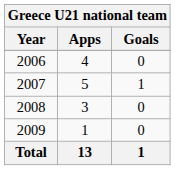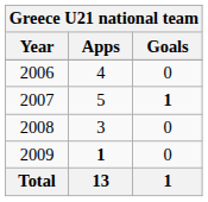 <table class="wikitable" style="text-align:center">
 <tr>
 <th colspan=3>Greece U21 national team</th>
 </tr>
 <tr>
 <th>Year</th>
 <th>Apps</th>
 <th>Goals</th>
 </tr>
 <tr>
 </tr>
 <tr>
 <td>2006</td>
 <td>4</td>
 <td>0</td>
 </tr>
 <tr>
 <td>2007</td>
 <td>5</td>
-<td>1</td>
+<td><strong>1</strong></td>
 </tr>
 <tr>
 <td>2008</td>
 <td>3</td>
 <td>0</td>
 </tr>
 <tr>
 <td>2009</td>
-<td>1</td>
+<td><strong>1</strong></td>
 <td>0</td>
 </tr>
 <tr>
 <th>Total</th>
 <th>13</th>
 <th>1</th>
 </tr>
 </table>
